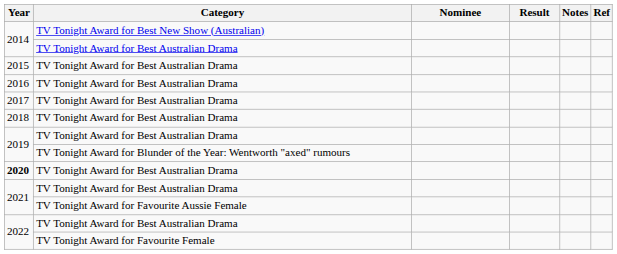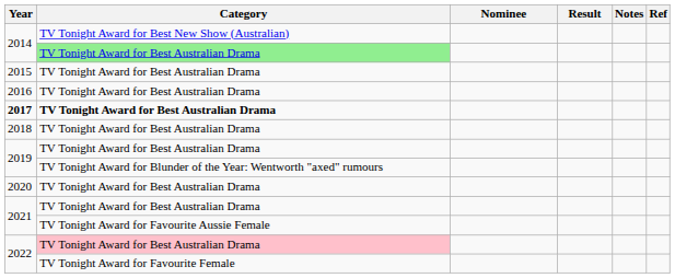 <table class="wikitable">
 <tr>
 <th width="35">Year</th>
 <th width="540">Category</th>
 <th width="135">Nominee</th>
 <th width="65">Result</th>
 <th>Notes</th>
 <th>Ref</th>
 </tr>
 <tr>
 <td rowspan="2">2014</td>
 <td><a href='#'>TV Tonight Award for Best New Show (Australian)</a></td>
 <td></td>
 <td></td>
 <td align="center"></td>
 <td></td>
 </tr>
 <tr>
-<td><a href='#'>TV Tonight Award for Best Australian Drama</a></td>
+<td style="background: lightgreen;"><a href='#'>TV Tonight Award for Best Australian Drama</a></td>
 <td></td>
 <td></td>
 <td align="center"></td>
 <td></td>
 </tr>
 <tr>
 <td>2015</td>
 <td>TV Tonight Award for Best Australian Drama</td>
 <td></td>
 <td></td>
 <td align="center"></td>
 <td></td>
 </tr>
 <tr>
 <td>2016</td>
 <td>TV Tonight Award for Best Australian Drama</td>
 <td></td>
 <td></td>
 <td align="center"></td>
 <td></td>
 </tr>
 <tr>
-<td>2017</td>
-<td>TV Tonight Award for Best Australian Drama</td>
+<td><strong>2017</strong></td>
+<td><strong>TV Tonight Award for Best Australian Drama</strong></td>
 <td></td>
 <td></td>
 <td align="center"></td>
 <td></td>
 </tr>
 <tr>
 <td>2018</td>
 <td>TV Tonight Award for Best Australian Drama</td>
 <td></td>
 <td></td>
 <td align="center"></td>
 <td></td>
 </tr>
 <tr>
 <td rowspan="2">2019</td>
 <td>TV Tonight Award for Best Australian Drama</td>
 <td></td>
 <td></td>
 <td align="center"></td>
 <td></td>
 </tr>
 <tr>
 <td>TV Tonight Award for Blunder of the Year: Wentworth "axed" rumours</td>
 <td></td>
 <td></td>
 <td align="center"></td>
 <td></td>
 </tr>
 <tr>
-<td><strong>2020</strong></td>
+<td>2020</td>
 <td>TV Tonight Award for Best Australian Drama</td>
 <td></td>
 <td></td>
 <td align="center"></td>
 <td></td>
 </tr>
 <tr>
 <td rowspan="2">2021</td>
 <td>TV Tonight Award for Best Australian Drama</td>
 <td></td>
 <td></td>
 <td align="center"></td>
 <td></td>
 </tr>
 <tr>
 <td>TV Tonight Award for Favourite Aussie Female</td>
 <td></td>
 <td></td>
 <td align="center"></td>
 <td></td>
 </tr>
 <tr>
 <td rowspan="2">2022</td>
-<td>TV Tonight Award for Best Australian Drama</td>
+<td style="background: pink;">TV Tonight Award for Best Australian Drama</td>
 <td></td>
 <td></td>
 <td align="center"></td>
 <td></td>
 </tr>
 <tr>
 <td>TV Tonight Award for Favourite Female</td>
 <td></td>
 <td></td>
 <td align="center"></td>
 <td></td>
 </tr>
 </table>
